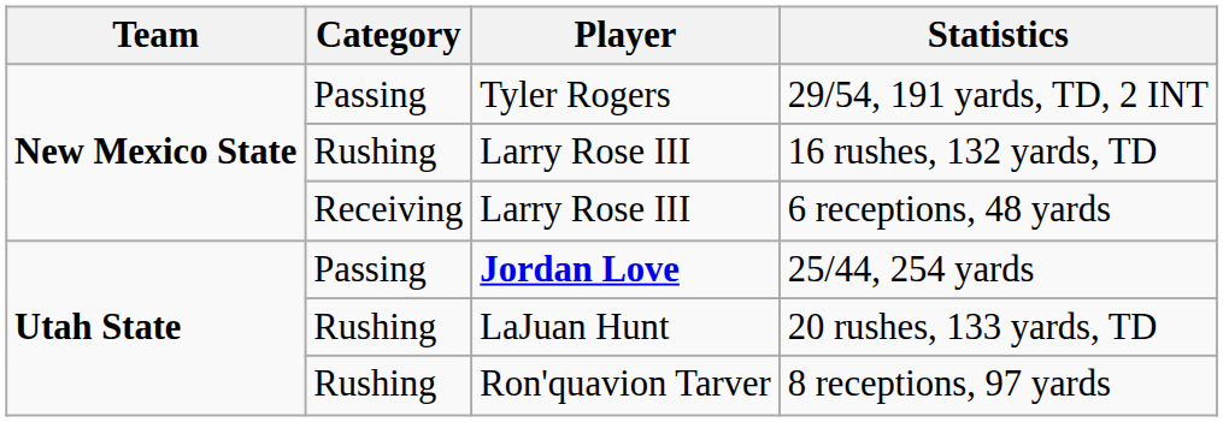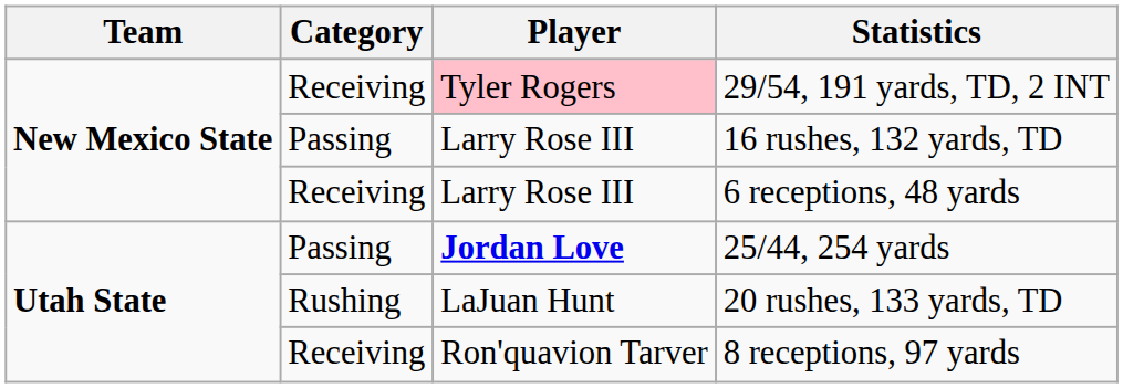 <table class="wikitable" style="float: right;">
 <tr>
 <th>Team</th>
 <th>Category</th>
 <th>Player</th>
 <th>Statistics</th>
 </tr>
 <tr>
 <td rowspan=3><strong>New Mexico State</strong></td>
-<td>Passing</td>
-<td>Tyler Rogers</td>
+<td>Receiving</td>
+<td style="background: pink;">Tyler Rogers</td>
 <td>29/54, 191 yards, TD, 2 INT</td>
 </tr>
 <tr>
-<td>Rushing</td>
+<td>Passing</td>
 <td>Larry Rose III</td>
 <td>16 rushes, 132 yards, TD</td>
 </tr>
 <tr>
 <td>Receiving</td>
 <td>Larry Rose III</td>
 <td>6 receptions, 48 yards</td>
 </tr>
 <tr>
 <td rowspan=3><strong>Utah State</strong></td>
 <td>Passing</td>
 <td><strong><a href='#'>Jordan Love</a></strong></td>
 <td>25/44, 254 yards</td>
 </tr>
 <tr>
 <td>Rushing</td>
 <td>LaJuan Hunt</td>
 <td>20 rushes, 133 yards, TD</td>
 </tr>
 <tr>
-<td>Rushing</td>
+<td>Receiving</td>
 <td>Ron'quavion Tarver</td>
 <td>8 receptions, 97 yards</td>
 </tr>
 </table>
